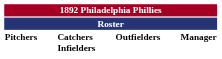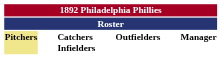 <table class="toccolours" style="font-size: 95%;">
 <tr>
 <th colspan="10" style="background-color: #A50024; color: white; text-align: center;">1892 Philadelphia Phillies</th>
 </tr>
 <tr>
 <td colspan="10" style="background-color: #263473; color: white; text-align: center;"><strong>Roster</strong></td>
 </tr>
 <tr>
-<td valign="top"><strong>Pitchers</strong><br>      </td>
+<td valign="top" style="background: khaki;"><strong>Pitchers</strong><br>      </td>
 <td width="25px"></td>
 <td valign="top"><strong>Catchers</strong><br>  <strong>Infielders</strong>       </td>
 <td width="25px"></td>
 <td valign="top"><strong>Outfielders</strong><br>    </td>
 <td width="25px"></td>
 <td valign="top"><strong>Manager</strong><br></td>
 </tr>
 </table>
